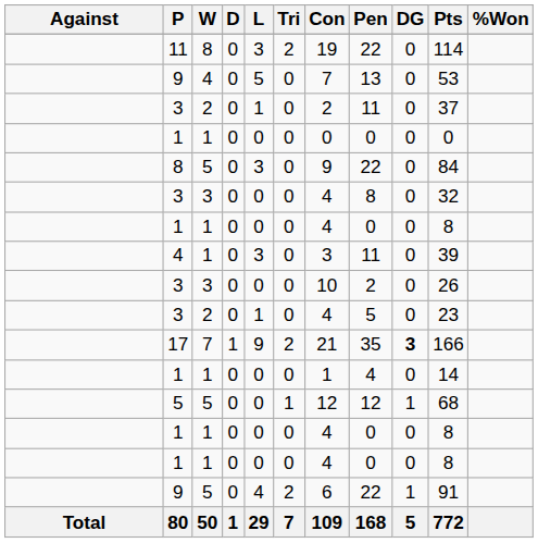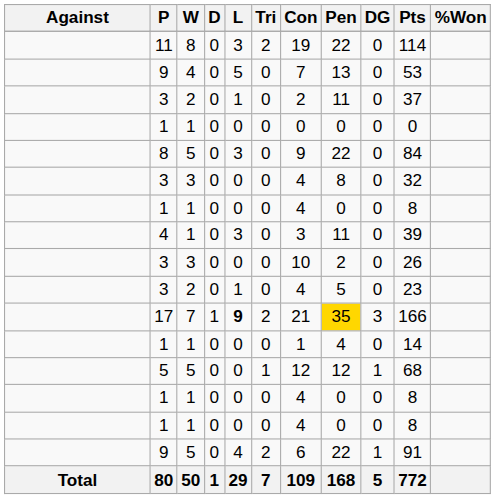 <table class="wikitable sortable"  style="text-align:center; font-size:100%;">
 <tr>
 <th style="width:30%;">Against</th>
 <th abbr="Played" style="width:15px;">P</th>
 <th abbr="Won" style="width:10px;">W</th>
 <th abbr="Drawn" style="width:10px;">D</th>
 <th abbr="Lost" style="width:10px;">L</th>
 <th abbr="Tries" style="width:15px;">Tri</th>
 <th abbr="Conversions" style="width:15px;">Con</th>
 <th abbr="Penalties" style="width:15px;">Pen</th>
 <th abbr="Drop Goals" style="width:15px;">DG</th>
 <th abbr="Points" style="width:18px;">Pts</th>
 <th abbr="Won" style="width:18px;">%Won</th>
 </tr>
 <tr bgcolor="#d0ffd0" align="center">
 </tr>
 <tr>
 <td align="left"></td>
 <td>11</td>
 <td>8</td>
 <td>0</td>
 <td>3</td>
 <td>2</td>
 <td>19</td>
 <td>22</td>
 <td>0</td>
 <td>114</td>
 <td></td>
 </tr>
 <tr>
 <td align="left"></td>
 <td>9</td>
 <td>4</td>
 <td>0</td>
 <td>5</td>
 <td>0</td>
 <td>7</td>
 <td>13</td>
 <td>0</td>
 <td>53</td>
 <td></td>
 </tr>
 <tr>
 <td align="left"></td>
 <td>3</td>
 <td>2</td>
 <td>0</td>
 <td>1</td>
 <td>0</td>
 <td>2</td>
 <td>11</td>
 <td>0</td>
 <td>37</td>
 <td></td>
 </tr>
 <tr>
 <td align="left"></td>
 <td>1</td>
 <td>1</td>
 <td>0</td>
 <td>0</td>
 <td>0</td>
 <td>0</td>
 <td>0</td>
 <td>0</td>
 <td>0</td>
 <td></td>
 </tr>
 <tr>
 <td align="left"></td>
 <td>8</td>
 <td>5</td>
 <td>0</td>
 <td>3</td>
 <td>0</td>
 <td>9</td>
 <td>22</td>
 <td>0</td>
 <td>84</td>
 <td></td>
 </tr>
 <tr>
 <td align="left"></td>
 <td>3</td>
 <td>3</td>
 <td>0</td>
 <td>0</td>
 <td>0</td>
 <td>4</td>
 <td>8</td>
 <td>0</td>
 <td>32</td>
 <td></td>
 </tr>
 <tr>
 <td align="left"></td>
 <td>1</td>
 <td>1</td>
 <td>0</td>
 <td>0</td>
 <td>0</td>
 <td>4</td>
 <td>0</td>
 <td>0</td>
 <td>8</td>
 <td></td>
 </tr>
 <tr>
 <td align="left"></td>
 <td>4</td>
 <td>1</td>
 <td>0</td>
 <td>3</td>
 <td>0</td>
 <td>3</td>
 <td>11</td>
 <td>0</td>
 <td>39</td>
 <td></td>
 </tr>
 <tr>
 <td align="left"></td>
 <td>3</td>
 <td>3</td>
 <td>0</td>
 <td>0</td>
 <td>0</td>
 <td>10</td>
 <td>2</td>
 <td>0</td>
 <td>26</td>
 <td></td>
 </tr>
 <tr>
 <td align="left"></td>
 <td>3</td>
 <td>2</td>
 <td>0</td>
 <td>1</td>
 <td>0</td>
 <td>4</td>
 <td>5</td>
 <td>0</td>
 <td>23</td>
 <td></td>
 </tr>
 <tr>
 <td align="left"></td>
 <td>17</td>
 <td>7</td>
 <td>1</td>
-<td>9</td>
+<td><strong>9</strong></td>
 <td>2</td>
 <td>21</td>
-<td>35</td>
-<td><strong>3</strong></td>
+<td style="background: gold;">35</td>
+<td>3</td>
 <td>166</td>
 <td></td>
 </tr>
 <tr>
 <td align="left"></td>
 <td>1</td>
 <td>1</td>
 <td>0</td>
 <td>0</td>
 <td>0</td>
 <td>1</td>
 <td>4</td>
 <td>0</td>
 <td>14</td>
 <td></td>
 </tr>
 <tr>
 <td align="left"></td>
 <td>5</td>
 <td>5</td>
 <td>0</td>
 <td>0</td>
 <td>1</td>
 <td>12</td>
 <td>12</td>
 <td>1</td>
 <td>68</td>
 <td></td>
 </tr>
 <tr>
 <td align="left"></td>
 <td>1</td>
 <td>1</td>
 <td>0</td>
 <td>0</td>
 <td>0</td>
 <td>4</td>
 <td>0</td>
 <td>0</td>
 <td>8</td>
 <td></td>
 </tr>
 <tr>
 <td align="left"></td>
 <td>1</td>
 <td>1</td>
 <td>0</td>
 <td>0</td>
 <td>0</td>
 <td>4</td>
 <td>0</td>
 <td>0</td>
 <td>8</td>
 <td></td>
 </tr>
 <tr>
 <td align="left"></td>
 <td>9</td>
 <td>5</td>
 <td>0</td>
 <td>4</td>
 <td>2</td>
 <td>6</td>
 <td>22</td>
 <td>1</td>
 <td>91</td>
 <td></td>
 </tr>
 <tr>
 <th>Total</th>
 <th>80</th>
 <th>50</th>
 <th>1</th>
 <th>29</th>
 <th>7</th>
 <th>109</th>
 <th>168</th>
 <th>5</th>
 <th>772</th>
 <th></th>
 </tr>
 </table>
